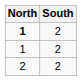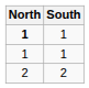 <table class=wikitable align=left style="margin:10px">
 <tr>
 <th>North</th>
 <th>South</th>
 </tr>
 <tr align=center>
 <td><strong>1</strong></td>
-<td>2</td>
+<td>1</td>
 </tr>
 <tr align=center>
 <td>1</td>
-<td>2</td>
+<td>1</td>
 </tr>
 <tr align=center>
 <td>2</td>
 <td>2</td>
 </tr>
 </table>
